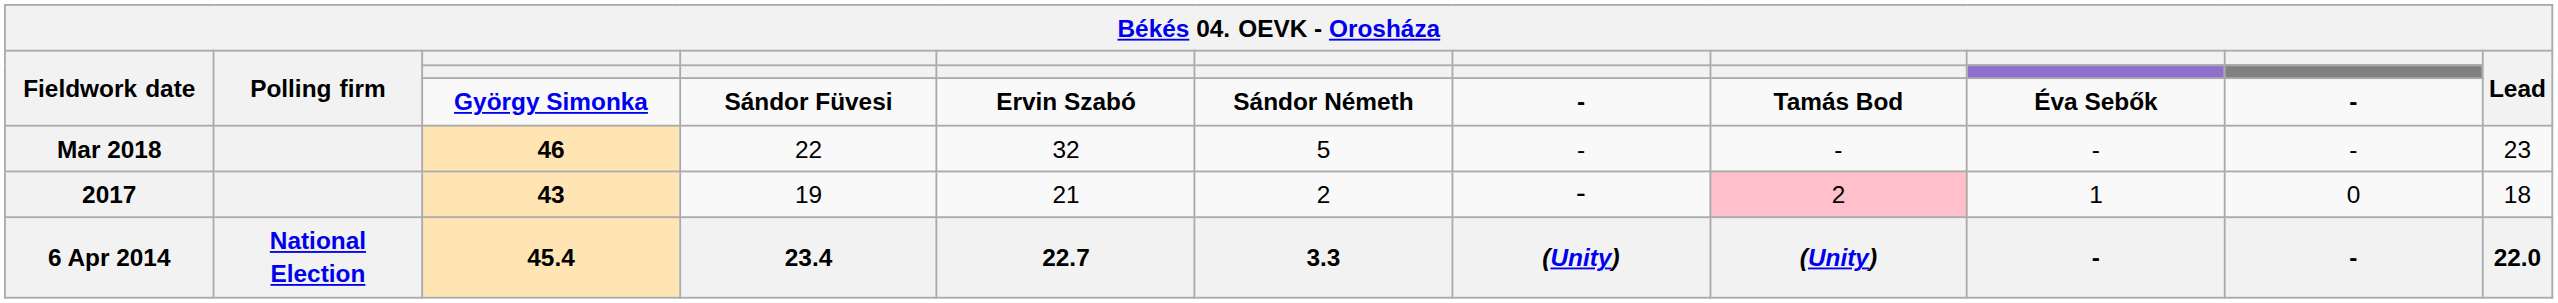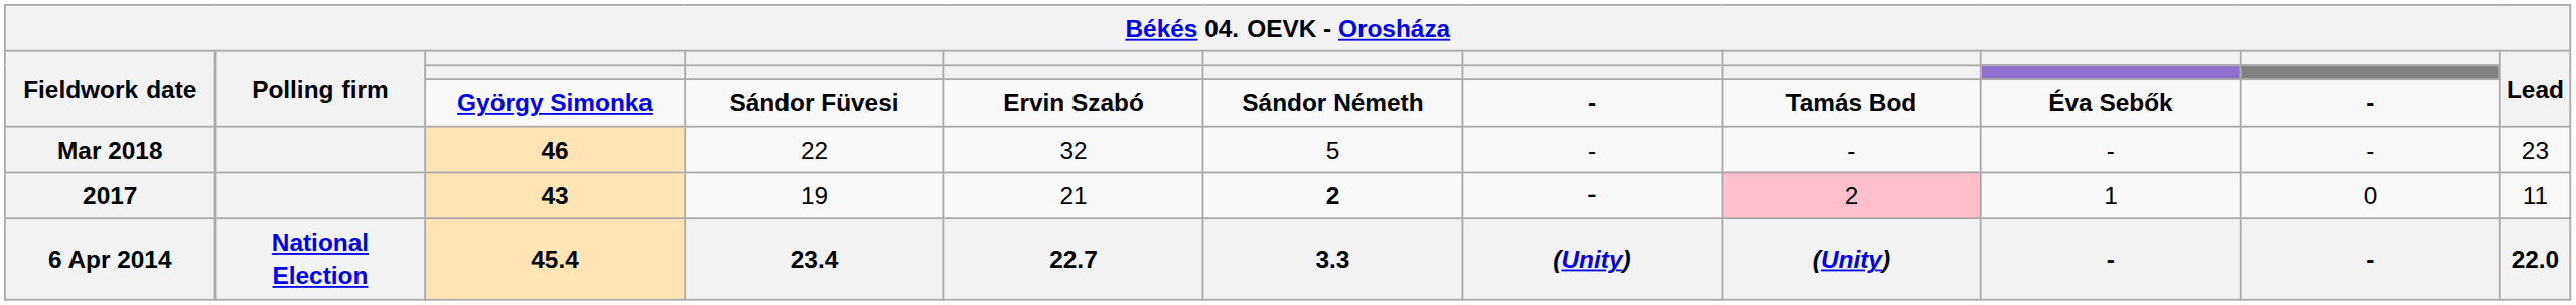 <table class="wikitable mw-collapsible mw-collapsed" style="text-align:center">
 <tr>
 <th colspan="11" style="width: 980pt;"><small><a href='#'>Békés</a> 04.</small> <small>OEVK - <a href='#'>Orosháza</a></small></th>
 </tr>
 <tr>
 <th rowspan="3" style="width: 80pt;"><small>Fieldwork</small> <small>date</small></th>
 <th rowspan="3" style="width: 80pt;"><strong><small>Polling</small> <small>firm</small></strong></th>
 <th style="width: 100pt;"><small></small></th>
 <th style="width: 100pt;"><small> </small></th>
 <th style="width: 100pt;"></th>
 <th style="width: 100pt;"></th>
 <th style="width: 100pt;"></th>
 <th style="width: 100pt;"></th>
 <th style="width: 100pt;"></th>
 <th style="width: 100pt;"></th>
 <th rowspan="3" style="width: 20pt;"><small>Lead</small></th>
 </tr>
 <tr>
 <th style="color:inherit;background:"></th>
 <th style="color:inherit;background:"></th>
 <th style="color:inherit;background:"></th>
 <th style="color:inherit;background:"></th>
 <th style="color:inherit;background:"></th>
 <th style="color:inherit;background:"></th>
 <th style="color:inherit;background:#8E6FCE;"></th>
 <th style="color:inherit;background:#808080;"></th>
 </tr>
 <tr>
 <td><small><strong><a href='#'>György Simonka</a></strong></small></td>
 <td><small><strong>Sándor Füvesi</strong></small></td>
 <td><small><strong>Ervin Szabó</strong></small></td>
 <td><small><strong>Sándor Németh</strong></small></td>
 <td><small><strong>-</strong></small></td>
 <td><small><strong>Tamás Bod</strong></small></td>
 <td><small><strong>Éva Sebők</strong></small></td>
 <td><small><strong>-</strong></small></td>
 </tr>
 <tr>
 <th><small>Mar 2018</small></th>
 <th><small></small></th>
 <td style="background:#FFE5B4"><small><strong>46</strong></small></td>
 <td><small>22</small></td>
 <td><small>32</small></td>
 <td><small>5</small></td>
 <td><small>-</small></td>
 <td><small>-</small></td>
 <td><small>-</small></td>
 <td><small>-</small></td>
 <td style="background:"><small>23</small></td>
 </tr>
 <tr>
 <th><small>2017</small></th>
 <th><small></small></th>
 <td style="background:#FFE5B4"><small><strong>43</strong></small></td>
 <td><small>19</small></td>
 <td><small>21</small></td>
-<td><small>2</small></td>
+<td><strong><small>2</small></strong></td>
 <td>-</td>
 <td style="background: pink;"><small>2</small></td>
 <td><small>1</small></td>
 <td><small>0</small></td>
-<td style="background:"><small>18</small></td>
+<td style="background:"><small>11</small></td>
 </tr>
 <tr>
 <th><small>6 Apr 2014</small></th>
 <th><a href='#'><small>National Election</small></a></th>
 <th style="background:#FFE5B4"><small><strong>45.4</strong></small></th>
 <th><small>23.4</small></th>
 <th><small>22.7</small></th>
 <th><small>3.3</small></th>
 <th><small><em>(<a href='#'>Unity</a>)</em></small></th>
 <th><small><em>(<a href='#'>Unity</a>)</em></small></th>
 <th><small>-</small></th>
 <th><small>-</small></th>
 <th style="background:"><small>22.0</small></th>
 </tr>
 </table>
